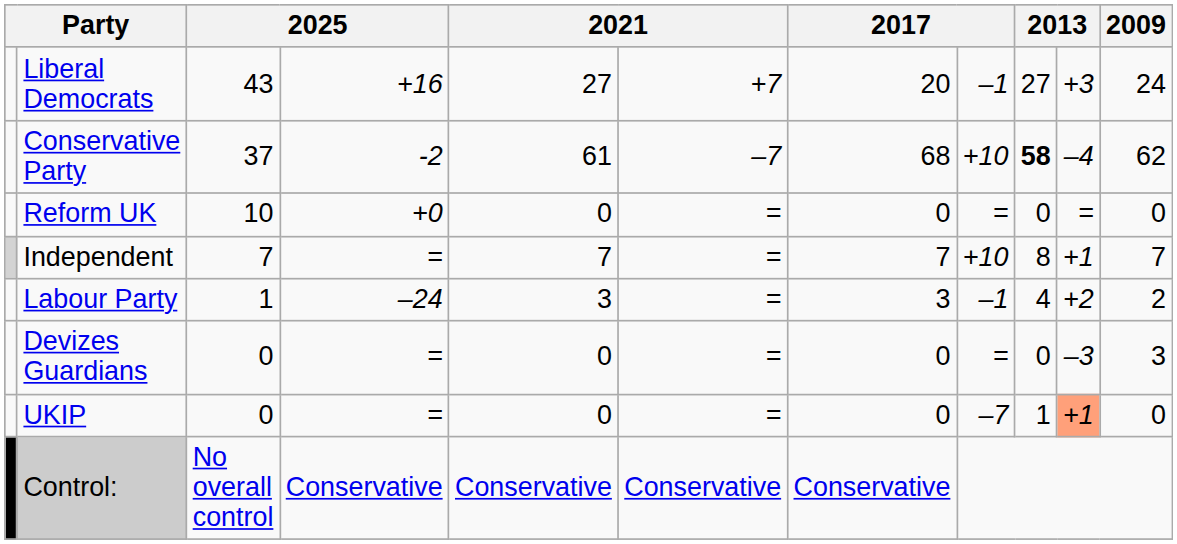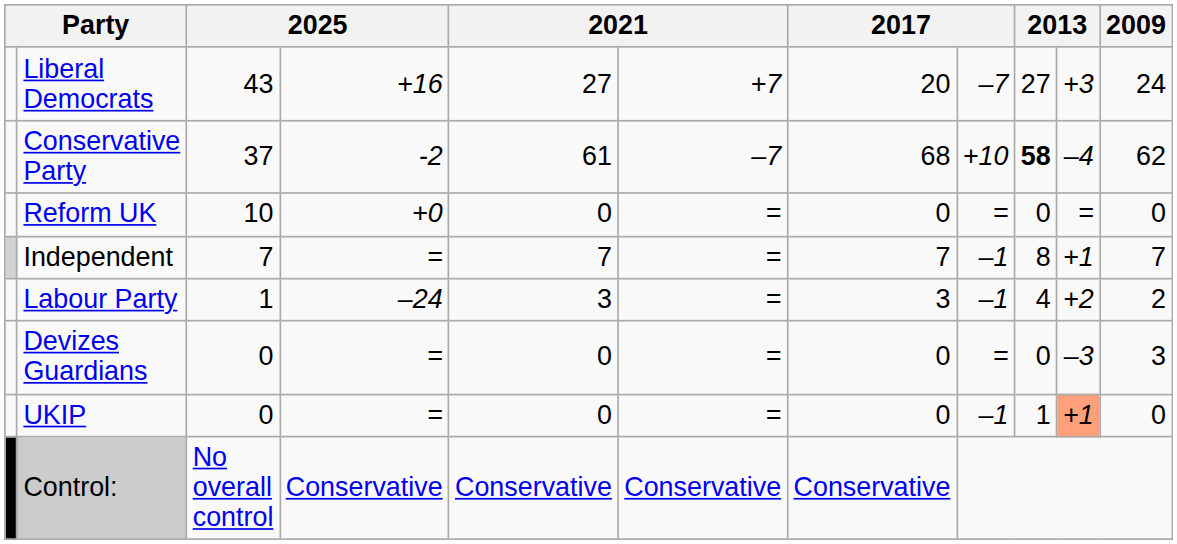 <table class="wikitable">
 <tr>
 <th colspan="2">Party</th>
 <th width="80px" colspan="2">2025</th>
 <th width="80px" colspan="2">2021</th>
 <th width="80px" colspan="2">2017</th>
 <th width="80px" colspan="2">2013</th>
 <th width="80px">2009</th>
 </tr>
 <tr>
 <td style="color:inherit;background:"></td>
 <td><a href='#'>Liberal Democrats</a></td>
 <td align="right">43</td>
 <td align="right"><em>+16</em></td>
 <td align="right">27</td>
 <td align="right"><em>+7</em></td>
 <td align="right">20</td>
-<td align="right"><em>–1</em></td>
+<td align="right"><em>–7</em></td>
 <td align="right">27</td>
 <td align="right"><em>+3</em></td>
 <td align="right">24</td>
 </tr>
 <tr>
 <td style="color:inherit;background:"></td>
 <td><a href='#'>Conservative Party</a></td>
 <td align="right">37</td>
 <td align="right"><em>-2</em></td>
 <td align="right">61</td>
 <td align="right"><em>–7</em></td>
 <td align="right">68</td>
 <td align="right"><em>+10</em></td>
 <td align="right"><strong>58</strong></td>
 <td align="right"><em>–4</em></td>
 <td align="right">62</td>
 </tr>
 <tr>
 <td style="color:inherit;background:"></td>
 <td><a href='#'>Reform UK</a></td>
 <td align="right">10</td>
 <td align="right"><em>+0</em></td>
 <td align="right">0</td>
 <td align="right"><em>=</em></td>
 <td align="right">0</td>
 <td align="right"><em>=</em></td>
 <td align="right">0</td>
 <td align="right"><em>=</em></td>
 <td align="right">0</td>
 </tr>
 <tr>
 <td bgcolor="lightgrey"></td>
 <td>Independent</td>
 <td align="right">7</td>
 <td align="right"><em>=</em></td>
 <td align="right">7</td>
 <td align="right"><em>=</em></td>
 <td align="right">7</td>
-<td align="right"><em>+10</em></td>
+<td align="right"><em>–1</em></td>
 <td align="right">8</td>
 <td align="right"><em>+1</em></td>
 <td align="right">7</td>
 </tr>
 <tr>
 <td style="color:inherit;background:"></td>
 <td><a href='#'>Labour Party</a></td>
 <td align="right">1</td>
 <td align="right"><em>–24</em></td>
 <td align="right">3</td>
 <td align="right"><em>=</em></td>
 <td align="right">3</td>
 <td align="right"><em>–1</em></td>
 <td align="right">4</td>
 <td align="right"><em>+2</em></td>
 <td align="right">2</td>
 </tr>
 <tr>
 <td style="color:inherit;background:"></td>
 <td><a href='#'>Devizes Guardians</a></td>
 <td align="right">0</td>
 <td align="right"><em>=</em></td>
 <td align="right">0</td>
 <td align="right"><em>=</em></td>
 <td align="right">0</td>
 <td align="right"><em>=</em></td>
 <td align="right">0</td>
 <td align="right"><em>–3</em></td>
 <td align="right">3</td>
 </tr>
 <tr>
 <td style="color:inherit;background:"></td>
 <td><a href='#'>UKIP</a></td>
 <td align="right">0</td>
 <td align="right"><em>=</em></td>
 <td align="right">0</td>
 <td align="right"><em>=</em></td>
 <td align="right">0</td>
-<td align="right"><em>–7</em></td>
+<td align="right"><em>–1</em></td>
 <td align="right">1</td>
 <td align="right" style="background: lightsalmon;"><em>+1</em></td>
 <td align="right">0</td>
 </tr>
 <tr>
 <td bgcolor="black" colspan="1" rowspan="1"></td>
 <td bgcolor="CCCCCC">Control:</td>
 <td><a href='#'>No overall control</a></td>
 <td><a href='#'>Conservative</a></td>
 <td><a href='#'>Conservative</a></td>
 <td><a href='#'>Conservative</a></td>
 <td><a href='#'>Conservative</a></td>
 </tr>
 </table>
